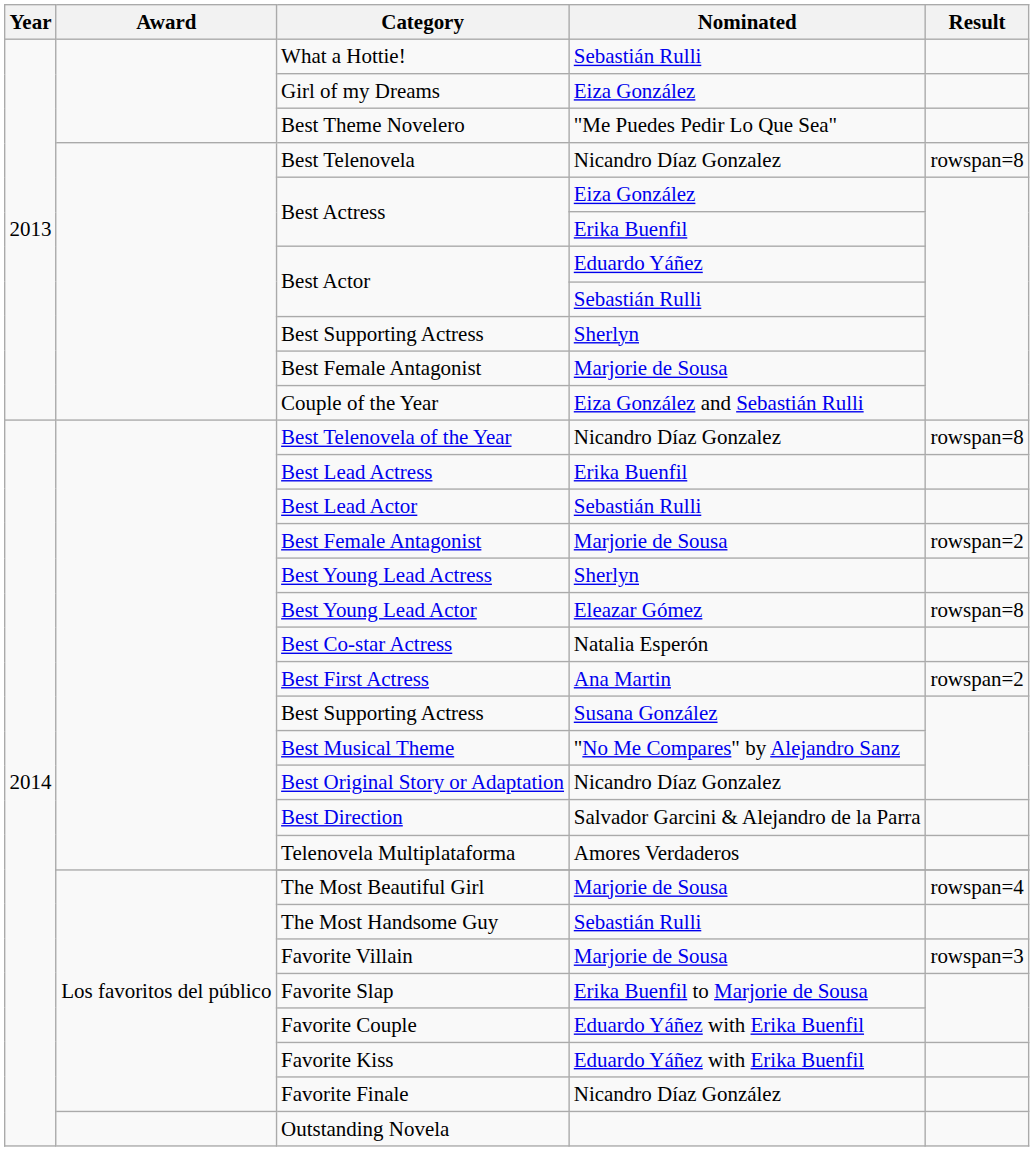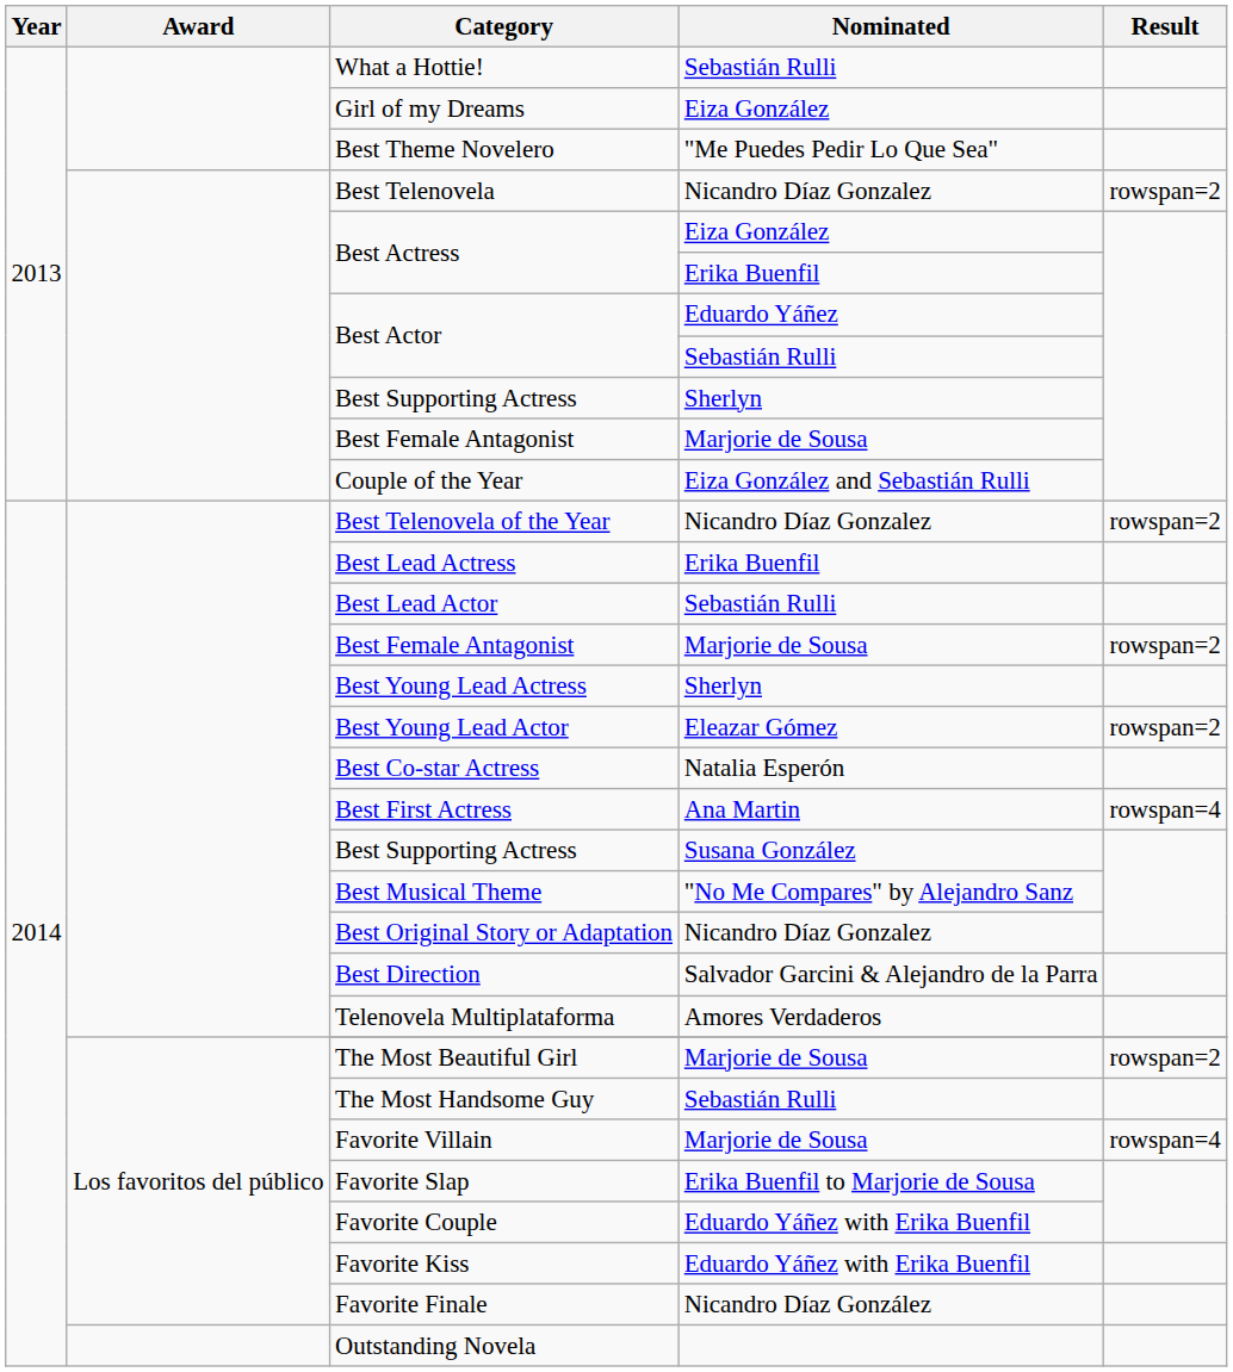 <table class="wikitable" style="font-size: 95%;">
 <tr align="center">
 <th>Year</th>
 <th>Award</th>
 <th>Category</th>
 <th>Nominated</th>
 <th>Result</th>
 </tr>
 <tr>
 <td rowspan="11">2013</td>
 <td rowspan="3"></td>
 <td>What a Hottie!</td>
 <td><a href='#'>Sebastián Rulli</a></td>
 <td></td>
 </tr>
 <tr>
 <td>Girl of my Dreams</td>
 <td><a href='#'>Eiza González</a></td>
 <td></td>
 </tr>
 <tr>
 <td>Best Theme Novelero</td>
 <td>"Me Puedes Pedir Lo Que Sea"</td>
 <td></td>
 </tr>
 <tr>
 <td rowspan="8"></td>
 <td>Best Telenovela</td>
 <td>Nicandro Díaz Gonzalez</td>
-<td>rowspan=8 </td>
+<td>rowspan=2 </td>
 </tr>
 <tr>
 <td rowspan="2">Best Actress</td>
 <td><a href='#'>Eiza González</a></td>
 </tr>
 <tr>
 <td><a href='#'>Erika Buenfil</a></td>
 </tr>
 <tr>
 <td rowspan="2">Best Actor</td>
 <td><a href='#'>Eduardo Yáñez</a></td>
 </tr>
 <tr>
 <td><a href='#'>Sebastián Rulli</a></td>
 </tr>
 <tr>
 <td>Best Supporting Actress</td>
 <td><a href='#'>Sherlyn</a></td>
 </tr>
 <tr>
 <td>Best Female Antagonist</td>
 <td><a href='#'>Marjorie de Sousa</a></td>
 </tr>
 <tr>
 <td>Couple of the Year</td>
 <td><a href='#'>Eiza González</a> and <a href='#'>Sebastián Rulli</a></td>
 </tr>
 <tr>
 <td rowspan="22">2014</td>
 <td rowspan="13"></td>
 <td><a href='#'>Best Telenovela of the Year</a></td>
 <td>Nicandro Díaz Gonzalez</td>
-<td>rowspan=8 </td>
+<td>rowspan=2 </td>
 </tr>
 <tr>
 <td><a href='#'>Best Lead Actress</a></td>
 <td><a href='#'>Erika Buenfil</a></td>
 </tr>
 <tr>
 <td><a href='#'>Best Lead Actor</a></td>
 <td><a href='#'>Sebastián Rulli</a></td>
 <td></td>
 </tr>
 <tr>
 <td><a href='#'>Best Female Antagonist</a></td>
 <td><a href='#'>Marjorie de Sousa</a></td>
 <td>rowspan=2 </td>
 </tr>
 <tr>
 <td><a href='#'>Best Young Lead Actress</a></td>
 <td><a href='#'>Sherlyn</a></td>
 </tr>
 <tr>
 <td><a href='#'>Best Young Lead Actor</a></td>
 <td><a href='#'>Eleazar Gómez</a></td>
-<td>rowspan=8 </td>
+<td>rowspan=2 </td>
 </tr>
 <tr>
 <td><a href='#'>Best Co-star Actress</a></td>
 <td>Natalia Esperón</td>
 </tr>
 <tr>
 <td><a href='#'>Best First Actress</a></td>
 <td><a href='#'>Ana Martin</a></td>
-<td>rowspan=2 </td>
+<td>rowspan=4 </td>
 </tr>
 <tr>
 <td>Best Supporting Actress</td>
 <td><a href='#'>Susana González</a></td>
 </tr>
 <tr>
 <td><a href='#'>Best Musical Theme</a></td>
 <td>"<a href='#'>No Me Compares</a>" by <a href='#'>Alejandro Sanz</a></td>
 </tr>
 <tr>
 <td><a href='#'>Best Original Story or Adaptation</a></td>
 <td>Nicandro Díaz Gonzalez</td>
 </tr>
 <tr>
 <td><a href='#'>Best Direction</a></td>
 <td>Salvador Garcini & Alejandro de la Parra</td>
 <td></td>
 </tr>
 <tr>
 <td>Telenovela Multiplataforma</td>
 <td>Amores Verdaderos</td>
 <td></td>
 </tr>
 <tr>
 <td rowspan="8" style="text-align:center;">Los favoritos del público</td>
 </tr>
 <tr>
 <td>The Most Beautiful Girl</td>
 <td><a href='#'>Marjorie de Sousa</a></td>
-<td>rowspan=4 </td>
+<td>rowspan=2 </td>
 </tr>
 <tr>
 <td>The Most Handsome Guy</td>
 <td><a href='#'>Sebastián Rulli</a></td>
 </tr>
 <tr>
 <td>Favorite Villain</td>
 <td><a href='#'>Marjorie de Sousa</a></td>
-<td>rowspan=3 </td>
+<td>rowspan=4 </td>
 </tr>
 <tr>
 <td>Favorite Slap</td>
 <td><a href='#'>Erika Buenfil</a> to <a href='#'>Marjorie de Sousa</a></td>
 </tr>
 <tr>
 <td>Favorite Couple</td>
 <td><a href='#'>Eduardo Yáñez</a> with <a href='#'>Erika Buenfil</a></td>
 </tr>
 <tr>
 <td>Favorite Kiss</td>
 <td><a href='#'>Eduardo Yáñez</a> with <a href='#'>Erika Buenfil</a></td>
 <td></td>
 </tr>
 <tr>
 <td>Favorite Finale</td>
 <td>Nicandro Díaz González</td>
 <td></td>
 </tr>
 <tr>
 <td></td>
 <td>Outstanding Novela</td>
 <td></td>
 <td></td>
 </tr>
 </table>
